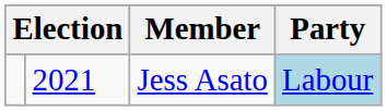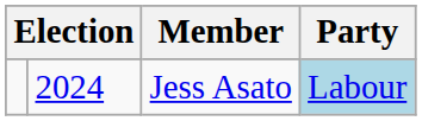 <table class="wikitable">
 <tr>
 <th colspan="2">Election</th>
 <th>Member</th>
 <th>Party</th>
 </tr>
 <tr>
 <td style="color:inherit;background-color: "></td>
-<td><a href='#'>2021</a></td>
+<td><a href='#'>2024</a></td>
 <td><a href='#'>Jess Asato</a></td>
 <td style="background: lightblue;"><a href='#'>Labour</a></td>
 </tr>
 </table>
